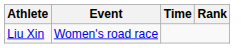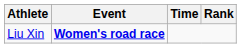 <table class="wikitable" style="font-size:90%">
 <tr>
 <th>Athlete</th>
 <th>Event</th>
 <th>Time</th>
 <th>Rank</th>
 </tr>
 <tr align=center>
 <td align=left><a href='#'>Liu Xin</a></td>
-<td align=left><a href='#'>Women's road race</a></td>
+<td align=left><strong><a href='#'>Women's road race</a></strong></td>
 <td colspan=2></td>
 </tr>
 </table>
